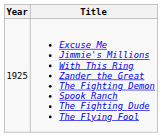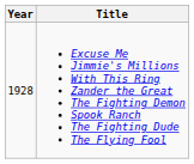 <table class="wikitable sortable">
 <tr>
 <th>Year</th>
 <th>Title</th>
 </tr>
 <tr>
-<td>1925</td>
+<td>1928</td>
 <td><br><ul><li><em><a href='#'>Excuse Me</a></em></li><li><em><a href='#'>Jimmie's Millions</a></em></li><li><em><a href='#'>With This Ring</a></em></li><li><em><a href='#'>Zander the Great</a></em></li><li><em><a href='#'>The Fighting Demon</a></em></li><li><em><a href='#'>Spook Ranch</a></em></li><li><em><a href='#'>The Fighting Dude</a></em></li><li><em><a href='#'>The Flying Fool</a></em></li></ul></td>
 </tr>
 </table>
